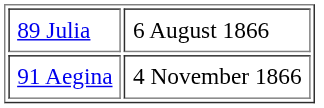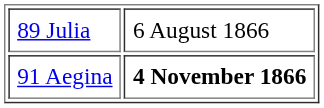 <table border=1 cellpadding=5>
 <tr>
 <td><a href='#'>89 Julia</a></td>
 <td>6 August 1866</td>
 </tr>
 <tr>
 <td><a href='#'>91 Aegina</a></td>
-<td>4 November 1866</td>
+<td><strong>4 November 1866</strong></td>
 </tr>
 </table>
